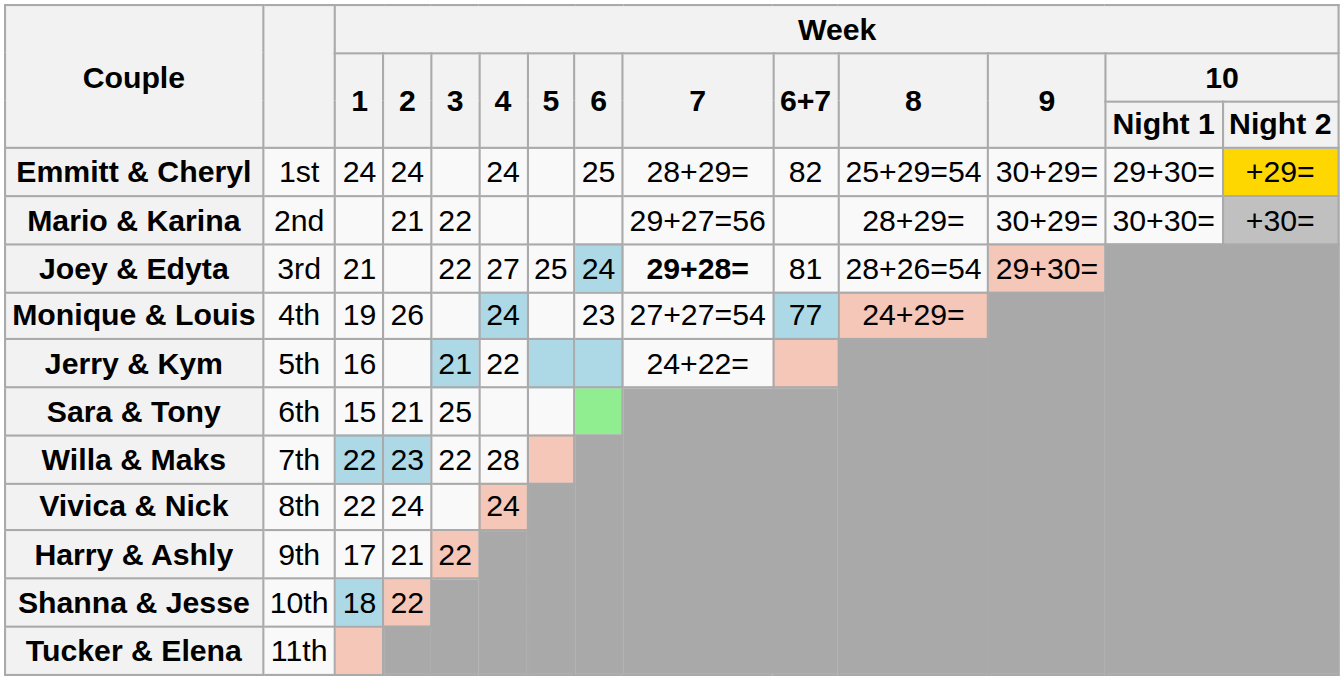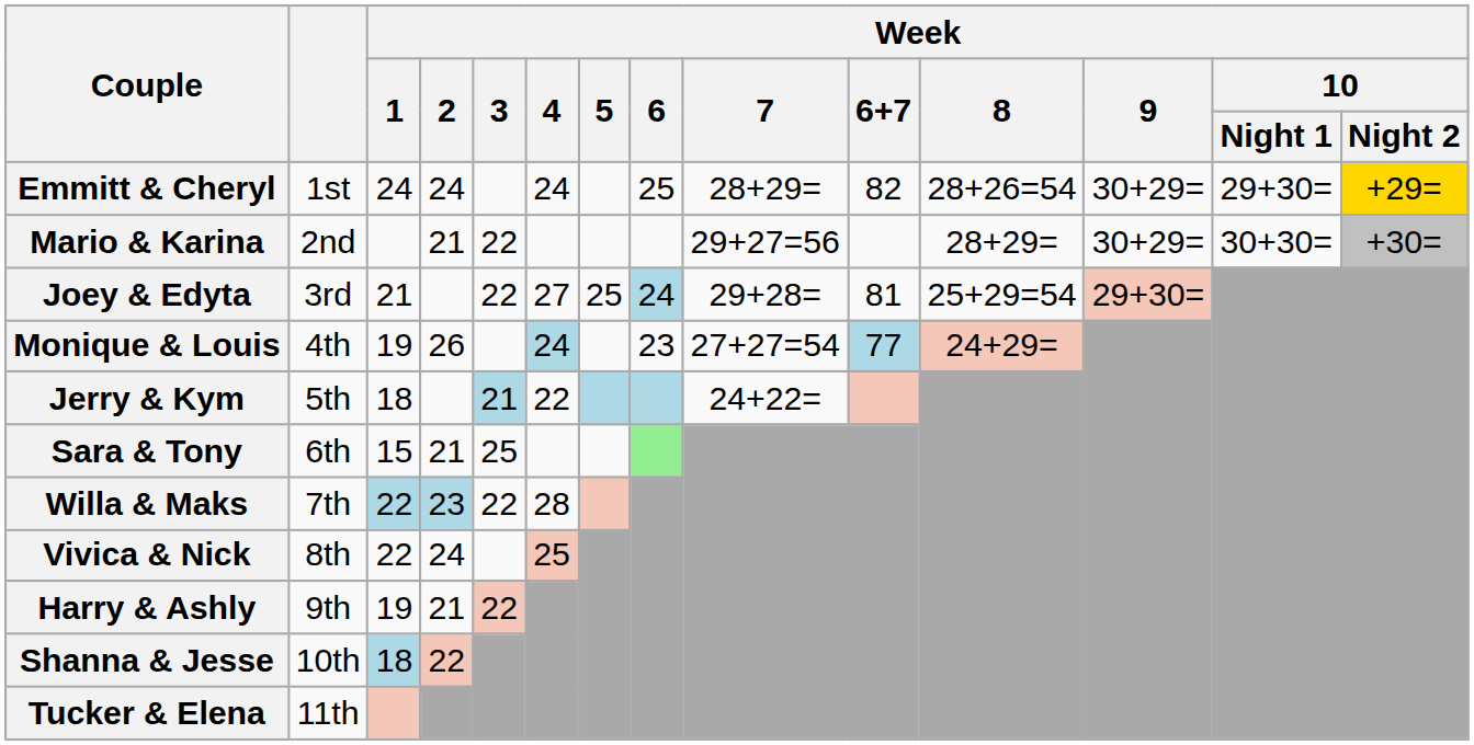 <table class="wikitable sortable" style="text-align:center; font-size:90%">
 <tr>
 <th scope="col" rowspan="3" style="text-align:center;">Couple</th>
 <th scope="col" rowspan="3" style="text-align:center;"></th>
 <th colspan="12" style="text-align:center;">Week</th>
 </tr>
 <tr>
 <th rowspan="2" scope="col">1</th>
 <th rowspan="2" scope="col">2</th>
 <th rowspan="2" scope="col">3</th>
 <th rowspan="2" scope="col">4</th>
 <th rowspan="2" scope="col">5</th>
 <th rowspan="2" scope="col">6</th>
 <th rowspan="2" scope="col">7</th>
 <th rowspan="2" scope="col">6+7</th>
 <th rowspan="2" scope="col">8</th>
 <th rowspan="2" scope="col">9</th>
 <th colspan="2" scope="col">10</th>
 </tr>
 <tr>
 <th>Night 1</th>
 <th>Night 2</th>
 </tr>
 <tr>
 <th scope="row">Emmitt & Cheryl</th>
 <td>1st</td>
 <td>24</td>
 <td>24</td>
 <td></td>
 <td>24</td>
 <td></td>
 <td>25</td>
 <td>28+29=</td>
 <td>82</td>
-<td>25+29=54</td>
+<td>28+26=54</td>
 <td>30+29=</td>
 <td>29+30=</td>
 <td bgcolor="gold" >+29=</td>
 </tr>
 <tr>
 <th scope="row">Mario & Karina</th>
 <td>2nd</td>
 <td></td>
 <td>21</td>
 <td>22</td>
 <td></td>
 <td></td>
 <td></td>
 <td>29+27=56</td>
 <td></td>
 <td>28+29=</td>
 <td>30+29=</td>
 <td>30+30=</td>
 <td bgcolor="silver" >+30=</td>
 </tr>
 <tr>
 <th scope="row">Joey & Edyta</th>
 <td>3rd</td>
 <td>21</td>
 <td></td>
 <td>22</td>
 <td>27</td>
 <td>25</td>
 <td bgcolor="lightblue">24</td>
-<td><strong>29+28=</strong></td>
+<td>29+28=</td>
 <td>81</td>
-<td>28+26=54</td>
+<td>25+29=54</td>
 <td bgcolor="f4c7b8" >29+30=</td>
 <td colspan="2" rowspan="9" style="background:darkgrey;"></td>
 </tr>
 <tr>
 <th scope="row">Monique & Louis</th>
 <td>4th</td>
 <td>19</td>
 <td>26</td>
 <td></td>
 <td bgcolor=lightblue>24</td>
 <td></td>
 <td>23</td>
 <td>27+27=54</td>
 <td bgcolor=lightblue>77</td>
 <td bgcolor=f4c7b8 >24+29=</td>
 <td rowspan="8" style="background:darkgrey;"></td>
 </tr>
 <tr>
 <th scope="row">Jerry & Kym</th>
 <td>5th</td>
-<td>16</td>
+<td>18</td>
 <td></td>
 <td bgcolor=lightblue>21</td>
 <td>22</td>
 <td bgcolor=lightblue></td>
 <td bgcolor=lightblue></td>
 <td>24+22=</td>
 <td bgcolor=f4c7b8></td>
 <td rowspan="7" style="background:darkgrey;"></td>
 </tr>
 <tr>
 <th scope="row">Sara & Tony</th>
 <td>6th</td>
 <td>15</td>
 <td>21</td>
 <td>25</td>
 <td></td>
 <td></td>
 <td style="background:lightgreen" ></td>
 <td colspan="2" rowspan="6" style="background:darkgrey;"></td>
 </tr>
 <tr>
 <th scope="row">Willa & Maks</th>
 <td>7th</td>
 <td bgcolor=lightblue>22</td>
 <td bgcolor=lightblue>23</td>
 <td>22</td>
 <td>28</td>
 <td bgcolor=f4c7b8></td>
 <td rowspan="5" style="background:darkgrey;"></td>
 </tr>
 <tr>
 <th scope="row">Vivica & Nick</th>
 <td>8th</td>
 <td>22</td>
 <td>24</td>
 <td></td>
-<td bgcolor=f4c7b8>24</td>
+<td bgcolor=f4c7b8>25</td>
 <td rowspan="4" style="background:darkgrey;"></td>
 </tr>
 <tr>
 <th scope="row">Harry & Ashly</th>
 <td>9th</td>
-<td>17</td>
+<td>19</td>
 <td>21</td>
 <td bgcolor=f4c7b8>22</td>
 <td rowspan="3" style="background:darkgrey;"></td>
 </tr>
 <tr>
 <th scope="row">Shanna & Jesse</th>
 <td>10th</td>
 <td bgcolor=lightblue>18</td>
 <td bgcolor=f4c7b8>22</td>
 <td rowspan="2" style="background:darkgrey;"></td>
 </tr>
 <tr>
 <th scope="row">Tucker & Elena</th>
 <td>11th</td>
 <td bgcolor=f4c7b8></td>
 <td style="background:darkgrey;"></td>
 </tr>
 </table>
